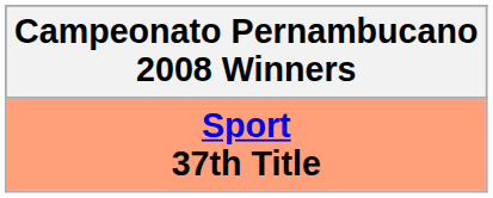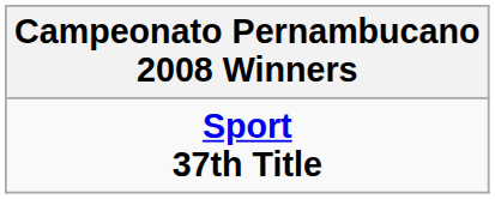 <table class="wikitable" style="text-align: center; margin: 0 auto;">
 <tr>
 <th>Campeonato Pernambucano<br>2008 Winners</th>
 </tr>
 <tr>
-<td style="background: lightsalmon;"><strong><a href='#'>Sport</a></strong><br><strong>37th Title</strong></td>
+<td><strong><a href='#'>Sport</a></strong><br><strong>37th Title</strong></td>
 </tr>
 </table>
